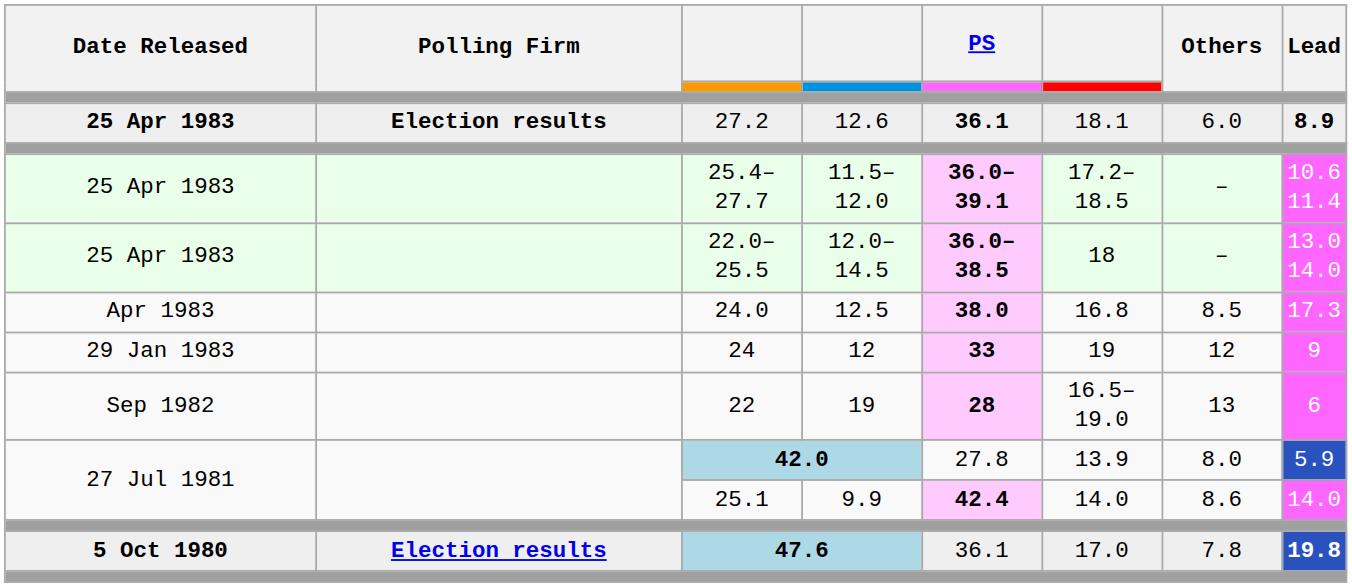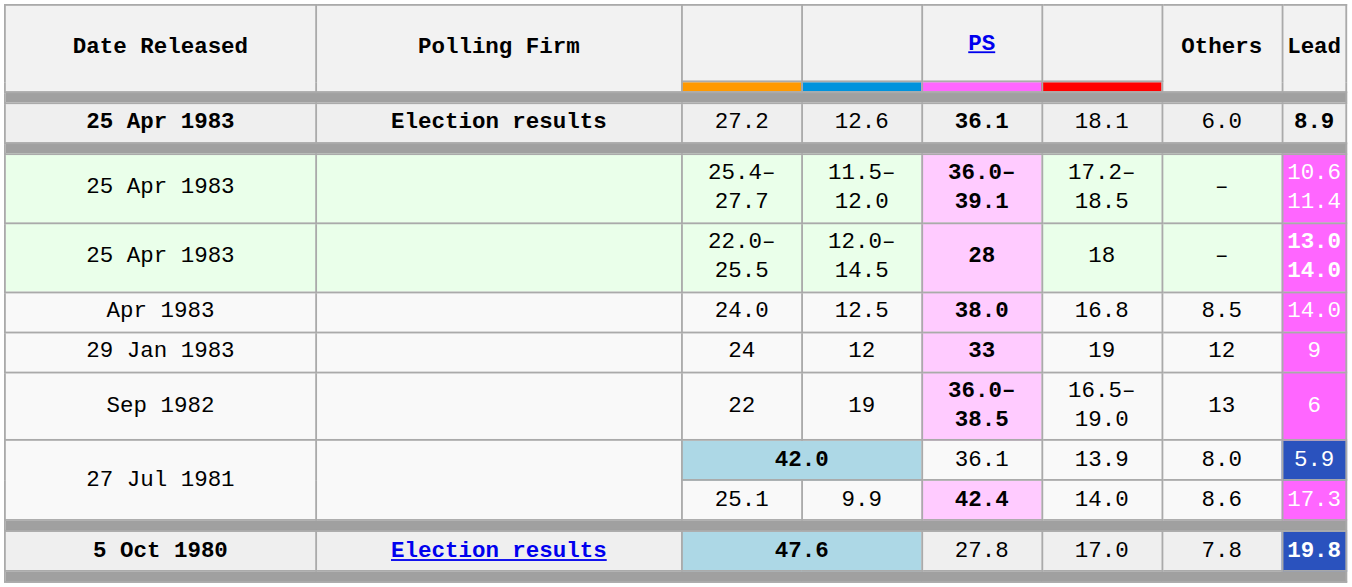 <table class="wikitable" style="text-align:center; font-size:95%; line-height:16px;">
 <tr style="height:42px;">
 <th style="width:165px;" rowspan="2">Date Released</th>
 <th style="width:195px;" rowspan="2">Polling Firm</th>
 <th></th>
 <th></th>
 <th><a href='#'>PS</a></th>
 <th></th>
 <th style="width:60px;" rowspan="2">Others</th>
 <th style="width:25px;" rowspan="2">Lead</th>
 </tr>
 <tr>
 <th style="color:inherit;background:#FF9900; width:60px;"></th>
 <th style="color:inherit;background:#0093DD; width:60px;"></th>
 <th style="color:inherit;background:#FF66FF; width:60px;"></th>
 <th style="color:inherit;background:red; width:60px;"></th>
 </tr>
 <tr>
 <td colspan="9" style="background:#A0A0A0"></td>
 </tr>
 <tr style="background:#EFEFEF;">
 <td data-sort-value="2019-10-06"><strong>25 Apr 1983</strong></td>
 <td><strong>Election results</strong></td>
 <td>27.2<br></td>
 <td>12.6<br></td>
 <td><strong>36.1</strong><br></td>
 <td>18.1<br></td>
 <td>6.0<br></td>
 <td style="background:"><strong>8.9</strong></td>
 </tr>
 <tr>
 <td colspan="9" style="background:#A0A0A0"></td>
 </tr>
 <tr style="background:#EAFFEA"|>
 <td align="center">25 Apr 1983</td>
 <td align="center"> </td>
 <td align="center">25.4–27.7<br></td>
 <td align="center">11.5–12.0<br></td>
 <td align="center" style="background:#FFCBFF"><strong>36.0–39.1</strong><br></td>
 <td align="center">17.2–18.5<br></td>
 <td align="center">–</td>
 <td style="background:#FF66FF; color:white">10.6<br>11.4</td>
 </tr>
 <tr style="background:#EAFFEA"|>
 <td align="center">25 Apr 1983</td>
 <td align="center"> </td>
 <td align="center">22.0–25.5<br></td>
 <td align="center">12.0–14.5<br></td>
-<td align="center" style="background:#FFCBFF"><strong>36.0–38.5</strong><br></td>
+<td align="center" style="background:#FFCBFF"><strong>28</strong></td>
 <td align="center">18</td>
 <td align="center">–</td>
-<td style="background:#FF66FF; color:white">13.0<br>14.0</td>
+<td style="background:#FF66FF; color:white"><strong>13.0<br>14.0</strong></td>
 </tr>
 <tr>
 <td align="center">Apr 1983</td>
 <td align="center"></td>
 <td align="center">24.0</td>
 <td align="center">12.5</td>
 <td align="center" style="background:#FFCBFF"><strong>38.0</strong></td>
 <td align="center">16.8<br></td>
 <td align="center">8.5</td>
-<td style="background:#FF66FF; color:white">17.3</td>
+<td style="background:#FF66FF; color:white">14.0</td>
 </tr>
 <tr>
 <td align="center">29 Jan 1983</td>
 <td align="center"></td>
 <td align="center">24</td>
 <td align="center">12</td>
 <td align="center" style="background:#FFCBFF"><strong>33</strong></td>
 <td align="center">19</td>
 <td align="center">12</td>
 <td style="background:#FF66FF; color:white">9</td>
 </tr>
 <tr>
 <td align="center">Sep 1982</td>
 <td align="center"></td>
 <td align="center">22</td>
 <td align="center">19</td>
-<td align="center" style="background:#FFCBFF"><strong>28</strong></td>
+<td align="center" style="background:#FFCBFF"><strong>36.0–38.5</strong><br></td>
 <td align="center">16.5–19.0<br></td>
 <td align="center">13</td>
 <td style="background:#FF66FF; color:white">6</td>
 </tr>
 <tr>
 <td rowspan="2" align="center">27 Jul 1981</td>
 <td rowspan="2" align="center"></td>
 <td align="center" colspan="2" style="background-color:lightblue;"><strong>42.0</strong></td>
-<td align="center">27.8<br></td>
+<td align="center">36.1</td>
 <td align="center">13.9</td>
 <td align="center">8.0</td>
 <td style="background:#2A52BE; color:white">5.9</td>
 </tr>
 <tr>
 <td align="center">25.1</td>
 <td align="center">9.9</td>
 <td align="center" style="background:#FFCBFF"><strong>42.4</strong></td>
 <td align="center">14.0</td>
 <td align="center">8.6</td>
-<td style="background:#FF66FF; color:white">14.0</td>
+<td style="background:#FF66FF; color:white">17.3</td>
 </tr>
 <tr>
 <td colspan="9" style="background:#A0A0A0"></td>
 </tr>
 <tr style="background:#EFEFEF;">
 <td data-sort-value="2019-10-06"><strong>5 Oct 1980</strong></td>
 <td><a href='#'><strong>Election results</strong></a></td>
 <td colspan="2" align="center" style="background-color:lightblue;"><strong>47.6</strong><br></td>
-<td align="center">36.1</td>
+<td align="center">27.8<br></td>
 <td align="center">17.0</td>
 <td align="center">7.8<br></td>
 <td style="background:#2A52BE; color:white"><strong>19.8</strong></td>
 </tr>
 <tr>
 <td colspan="9" style="background:#A0A0A0"></td>
 </tr>
 </table>
